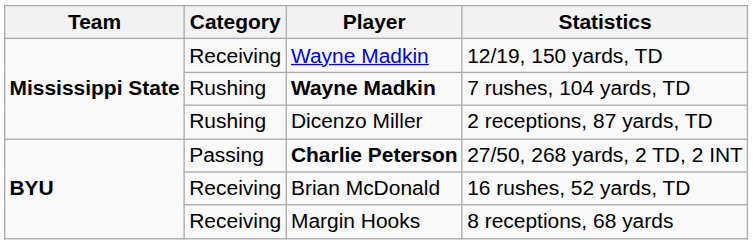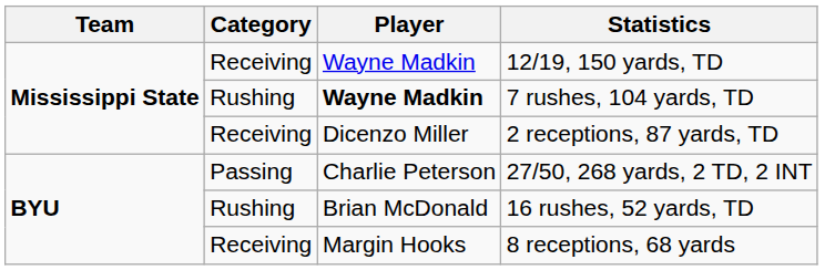 <table class="wikitable" style="float: left;">
 <tr>
 <th>Team</th>
 <th>Category</th>
 <th>Player</th>
 <th>Statistics</th>
 </tr>
 <tr>
 <td rowspan=3><strong>Mississippi State</strong></td>
 <td>Receiving</td>
 <td><a href='#'>Wayne Madkin</a></td>
 <td>12/19, 150 yards, TD</td>
 </tr>
 <tr>
 <td>Rushing</td>
 <td><strong>Wayne Madkin</strong></td>
 <td>7 rushes, 104 yards, TD</td>
 </tr>
 <tr>
-<td>Rushing</td>
+<td>Receiving</td>
 <td>Dicenzo Miller</td>
 <td>2 receptions, 87 yards, TD</td>
 </tr>
 <tr>
 <td rowspan=3><strong>BYU</strong></td>
 <td>Passing</td>
-<td><strong>Charlie Peterson</strong></td>
+<td>Charlie Peterson</td>
 <td>27/50, 268 yards, 2 TD, 2 INT</td>
 </tr>
 <tr>
-<td>Receiving</td>
+<td>Rushing</td>
 <td>Brian McDonald</td>
 <td>16 rushes, 52 yards, TD</td>
 </tr>
 <tr>
 <td>Receiving</td>
 <td>Margin Hooks</td>
 <td>8 receptions, 68 yards</td>
 </tr>
 </table>
